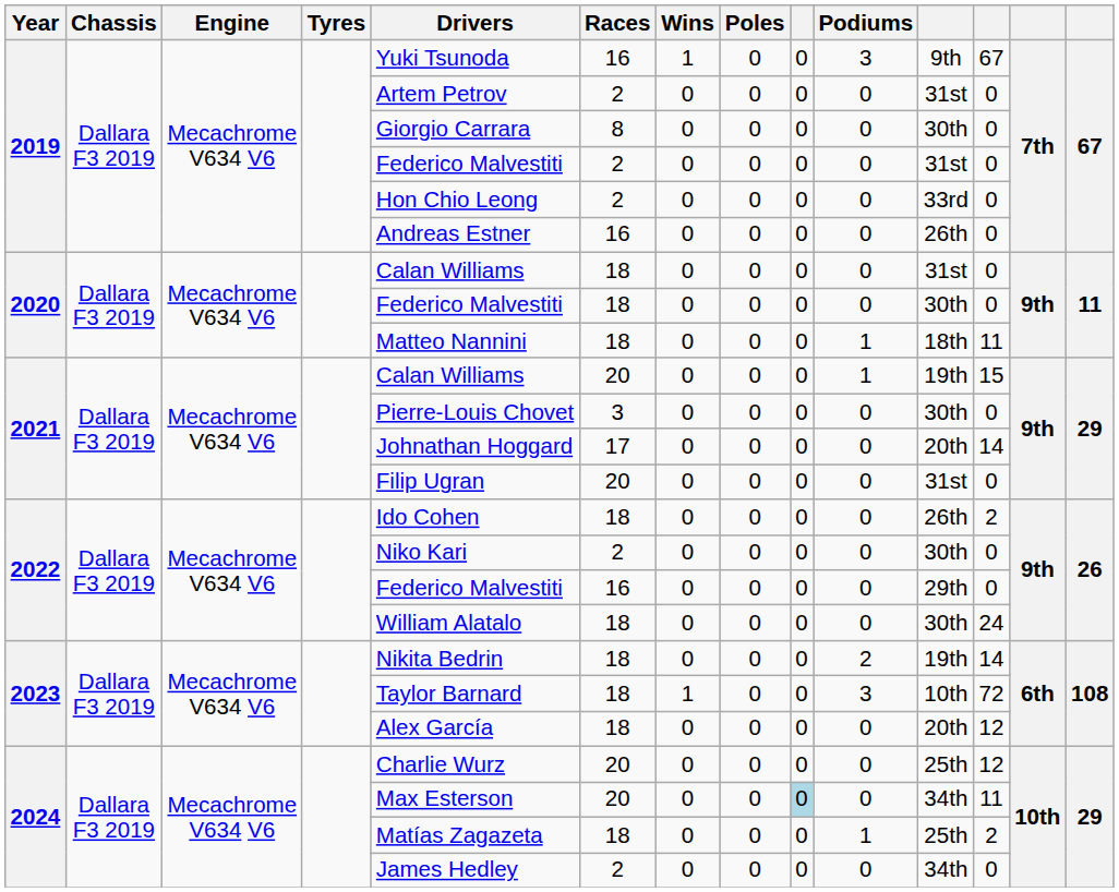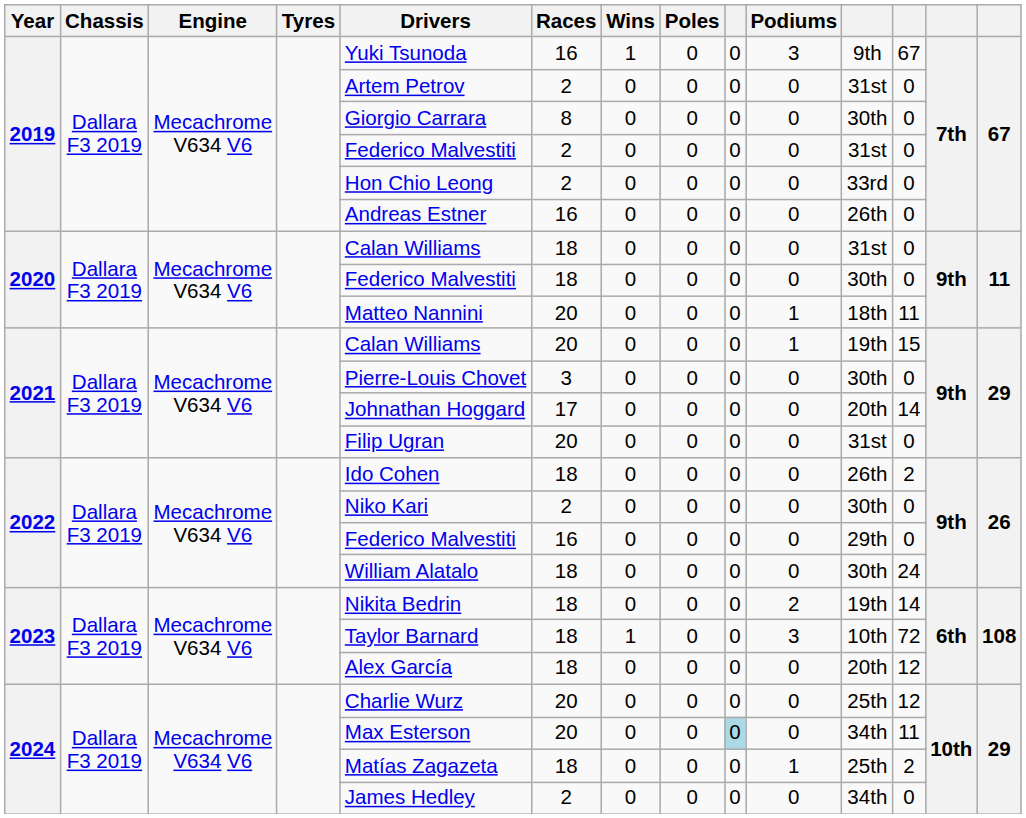 <table class="wikitable" style="text-align:center; font-size:85%">
 <tr>
 <th>Year</th>
 <th>Chassis</th>
 <th>Engine</th>
 <th>Tyres</th>
 <th>Drivers</th>
 <th>Races</th>
 <th>Wins</th>
 <th>Poles</th>
 <th></th>
 <th>Podiums</th>
 <th></th>
 <th></th>
 <th></th>
 <th></th>
 </tr>
 <tr>
 <th rowspan=6><a href='#'>2019</a></th>
 <td rowspan=6><a href='#'>Dallara</a><br><a href='#'>F3 2019</a></td>
 <td rowspan=6><a href='#'>Mecachrome</a><br>V634 <a href='#'>V6</a></td>
 <td rowspan=6></td>
 <td align=left> <a href='#'>Yuki Tsunoda</a></td>
 <td>16</td>
 <td>1</td>
 <td>0</td>
 <td>0</td>
 <td>3</td>
 <td>9th</td>
 <td>67</td>
 <th rowspan=6>7th</th>
 <th rowspan=6>67</th>
 </tr>
 <tr>
 <td align=left> <a href='#'>Artem Petrov</a></td>
 <td>2</td>
 <td>0</td>
 <td>0</td>
 <td>0</td>
 <td>0</td>
 <td>31st</td>
 <td>0</td>
 </tr>
 <tr>
 <td align=left> <a href='#'>Giorgio Carrara</a></td>
 <td>8</td>
 <td>0</td>
 <td>0</td>
 <td>0</td>
 <td>0</td>
 <td>30th</td>
 <td>0</td>
 </tr>
 <tr>
 <td align=left> <a href='#'>Federico Malvestiti</a></td>
 <td>2</td>
 <td>0</td>
 <td>0</td>
 <td>0</td>
 <td>0</td>
 <td>31st</td>
 <td>0</td>
 </tr>
 <tr>
 <td align=left> <a href='#'>Hon Chio Leong</a></td>
 <td>2</td>
 <td>0</td>
 <td>0</td>
 <td>0</td>
 <td>0</td>
 <td>33rd</td>
 <td>0</td>
 </tr>
 <tr>
 <td align=left> <a href='#'>Andreas Estner</a></td>
 <td>16</td>
 <td>0</td>
 <td>0</td>
 <td>0</td>
 <td>0</td>
 <td>26th</td>
 <td>0</td>
 </tr>
 <tr>
 <th rowspan=3><a href='#'>2020</a></th>
 <td rowspan=3><a href='#'>Dallara</a><br><a href='#'>F3 2019</a></td>
 <td rowspan=3><a href='#'>Mecachrome</a><br>V634 <a href='#'>V6</a></td>
 <td rowspan=3></td>
 <td align=left> <a href='#'>Calan Williams</a></td>
 <td>18</td>
 <td>0</td>
 <td>0</td>
 <td>0</td>
 <td>0</td>
 <td>31st</td>
 <td>0</td>
 <th rowspan=3>9th</th>
 <th rowspan=3>11</th>
 </tr>
 <tr>
 <td align=left> <a href='#'>Federico Malvestiti</a></td>
 <td>18</td>
 <td>0</td>
 <td>0</td>
 <td>0</td>
 <td>0</td>
 <td>30th</td>
 <td>0</td>
 </tr>
 <tr>
 <td align=left> <a href='#'>Matteo Nannini</a></td>
-<td>18</td>
+<td>20</td>
 <td>0</td>
 <td>0</td>
 <td>0</td>
 <td>1</td>
 <td>18th</td>
 <td>11</td>
 </tr>
 <tr>
 <th rowspan=4><a href='#'>2021</a></th>
 <td rowspan=4><a href='#'>Dallara</a><br><a href='#'>F3 2019</a></td>
 <td rowspan=4><a href='#'>Mecachrome</a><br>V634 <a href='#'>V6</a></td>
 <td rowspan=4></td>
 <td align=left> <a href='#'>Calan Williams</a></td>
 <td>20</td>
 <td>0</td>
 <td>0</td>
 <td>0</td>
 <td>1</td>
 <td>19th</td>
 <td>15</td>
 <th rowspan=4>9th</th>
 <th rowspan=4>29</th>
 </tr>
 <tr>
 <td align=left> <a href='#'>Pierre-Louis Chovet</a></td>
 <td>3</td>
 <td>0</td>
 <td>0</td>
 <td>0</td>
 <td>0</td>
 <td>30th</td>
 <td>0</td>
 </tr>
 <tr>
 <td align=left> <a href='#'>Johnathan Hoggard</a></td>
 <td>17</td>
 <td>0</td>
 <td>0</td>
 <td>0</td>
 <td>0</td>
 <td>20th</td>
 <td>14</td>
 </tr>
 <tr>
 <td align=left> <a href='#'>Filip Ugran</a></td>
 <td>20</td>
 <td>0</td>
 <td>0</td>
 <td>0</td>
 <td>0</td>
 <td>31st</td>
 <td>0</td>
 </tr>
 <tr>
 <th rowspan=4><a href='#'>2022</a></th>
 <td rowspan=4><a href='#'>Dallara</a><br><a href='#'>F3 2019</a></td>
 <td rowspan=4><a href='#'>Mecachrome</a><br>V634 <a href='#'>V6</a></td>
 <td rowspan=4></td>
 <td align=left> <a href='#'>Ido Cohen</a></td>
 <td>18</td>
 <td>0</td>
 <td>0</td>
 <td>0</td>
 <td>0</td>
 <td>26th</td>
 <td>2</td>
 <th rowspan="4">9th</th>
 <th rowspan="4">26</th>
 </tr>
 <tr>
 <td align=left> <a href='#'>Niko Kari</a></td>
 <td>2</td>
 <td>0</td>
 <td>0</td>
 <td>0</td>
 <td>0</td>
 <td>30th</td>
 <td>0</td>
 </tr>
 <tr>
 <td align=left> <a href='#'>Federico Malvestiti</a></td>
 <td>16</td>
 <td>0</td>
 <td>0</td>
 <td>0</td>
 <td>0</td>
 <td>29th</td>
 <td>0</td>
 </tr>
 <tr>
 <td align=left> <a href='#'>William Alatalo</a></td>
 <td>18</td>
 <td>0</td>
 <td>0</td>
 <td>0</td>
 <td>0</td>
 <td>30th</td>
 <td>24</td>
 </tr>
 <tr>
 <th rowspan="3"><a href='#'>2023</a></th>
 <td rowspan="3"><a href='#'>Dallara</a><br><a href='#'>F3 2019</a></td>
 <td rowspan="3"><a href='#'>Mecachrome</a><br>V634 <a href='#'>V6</a></td>
 <td rowspan="3"></td>
 <td align=left> <a href='#'>Nikita Bedrin</a></td>
 <td>18</td>
 <td>0</td>
 <td>0</td>
 <td>0</td>
 <td>2</td>
 <td>19th</td>
 <td>14</td>
 <th rowspan="3">6th</th>
 <th rowspan="3">108</th>
 </tr>
 <tr>
 <td align=left> <a href='#'>Taylor Barnard</a></td>
 <td>18</td>
 <td>1</td>
 <td>0</td>
 <td>0</td>
 <td>3</td>
 <td>10th</td>
 <td>72</td>
 </tr>
 <tr>
 <td align=left> <a href='#'>Alex García</a></td>
 <td>18</td>
 <td>0</td>
 <td>0</td>
 <td>0</td>
 <td>0</td>
 <td>20th</td>
 <td>12</td>
 </tr>
 <tr>
 <th rowspan=4><a href='#'>2024</a></th>
 <td rowspan=4><a href='#'>Dallara</a><br><a href='#'>F3 2019</a></td>
 <td rowspan=4><a href='#'>Mecachrome</a><br><a href='#'>V634</a> <a href='#'>V6</a></td>
 <td rowspan=4></td>
 <td align=left> <a href='#'>Charlie Wurz</a></td>
 <td>20</td>
 <td>0</td>
 <td>0</td>
 <td>0</td>
 <td>0</td>
 <td style="background:#;">25th</td>
 <td style="background:#;">12</td>
 <th rowspan=4 style="background:#;">10th</th>
 <th rowspan=4 style="background:#;">29</th>
 </tr>
 <tr>
 <td align=left> <a href='#'>Max Esterson</a></td>
 <td>20</td>
 <td>0</td>
 <td>0</td>
 <td style="background: lightblue;">0</td>
 <td>0</td>
 <td style="background:#;">34th</td>
 <td style="background:#;">11</td>
 </tr>
 <tr>
 <td align=left> <a href='#'>Matías Zagazeta</a></td>
 <td>18</td>
 <td>0</td>
 <td>0</td>
 <td>0</td>
 <td>1</td>
 <td style="background:#;">25th</td>
 <td style="background:#;">2</td>
 </tr>
 <tr>
 <td align=left> <a href='#'>James Hedley</a></td>
 <td>2</td>
 <td>0</td>
 <td>0</td>
 <td>0</td>
 <td>0</td>
 <td style="background:#;">34th</td>
 <td style="background:#;">0</td>
 </tr>
 </table>
